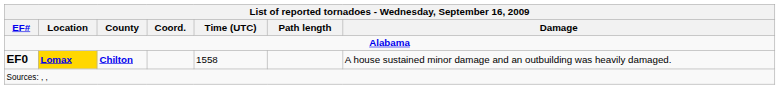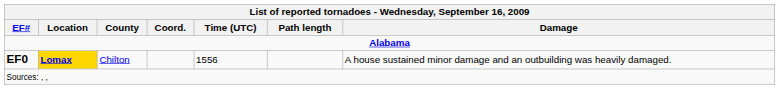 <table class="wikitable collapsible" width="100%">
 <tr>
 <th colspan="7">List of reported tornadoes - Wednesday, September 16, 2009</th>
 </tr>
 <tr>
 <th><a href='#'>EF#</a></th>
 <th>Location</th>
 <th>County</th>
 <th>Coord.</th>
 <th>Time (UTC)</th>
 <th>Path length</th>
 <th>Damage</th>
 </tr>
 <tr>
 <td colspan="7" align=center><strong><a href='#'>Alabama</a></strong></td>
 </tr>
 <tr>
 <td><big><strong>EF0</strong></big></td>
 <td style="background: gold;"><strong><a href='#'>Lomax</a></strong></td>
-<td><strong><a href='#'>Chilton</a></strong></td>
+<td><a href='#'>Chilton</a></td>
 <td></td>
-<td>1558</td>
+<td>1556</td>
 <td></td>
 <td>A house sustained minor damage and an outbuilding was heavily damaged.</td>
 </tr>
 <tr>
 <td colspan="7"><small>Sources: , , </small></td>
 </tr>
 </table>
